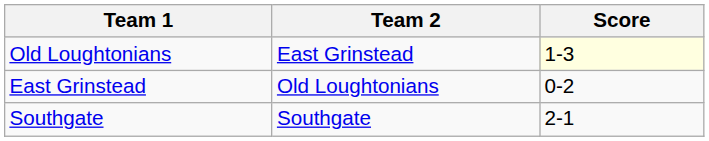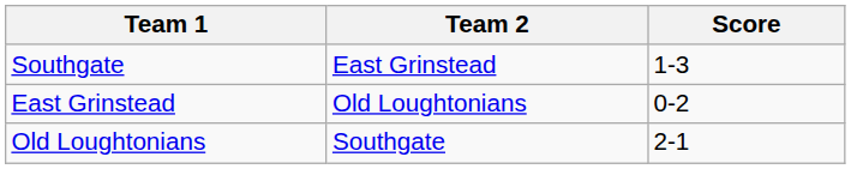 <table class="wikitable" style="font-size: 100%">
 <tr>
 <th width=200>Team 1</th>
 <th width=200>Team 2</th>
 <th width=120>Score</th>
 </tr>
 <tr>
-<td><a href='#'>Old Loughtonians</a></td>
+<td><a href='#'>Southgate</a></td>
 <td><a href='#'>East Grinstead</a></td>
-<td style="background: lightyellow;">1-3</td>
+<td>1-3</td>
 </tr>
 <tr>
 <td><a href='#'>East Grinstead</a></td>
 <td><a href='#'>Old Loughtonians</a></td>
 <td>0-2</td>
 </tr>
 <tr>
-<td><a href='#'>Southgate</a></td>
+<td><a href='#'>Old Loughtonians</a></td>
 <td><a href='#'>Southgate</a></td>
 <td>2-1</td>
 </tr>
 </table>
